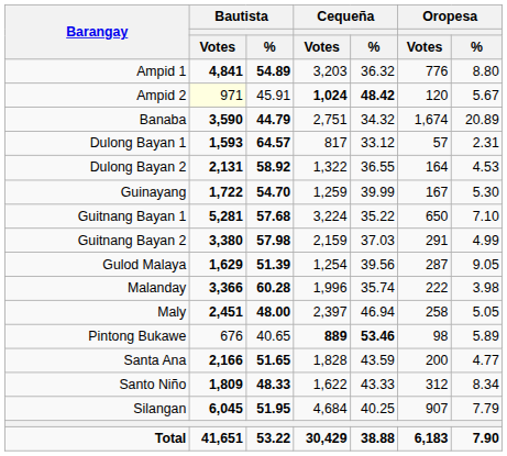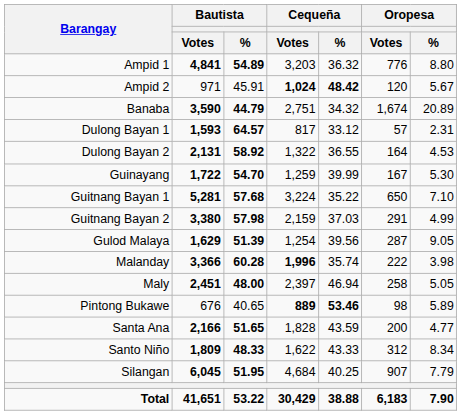 <table class="wikitable collapsed collapsible" style="text-align:right; font-size:95%; line-height:20px;">
 <tr>
 <th rowspan="3" width="200"><a href='#'>Barangay</a></th>
 <th colspan="2" width="110">Bautista</th>
 <th colspan="2" width="110">Cequeña</th>
 <th colspan="2" width="110">Oropesa</th>
 </tr>
 <tr>
 <th colspan="2" style="background:"></th>
 <th colspan="2" style="background:"></th>
 <th colspan="2" style="background:"></th>
 </tr>
 <tr>
 <th>Votes</th>
 <th>%</th>
 <th>Votes</th>
 <th>%</th>
 <th>Votes</th>
 <th>%</th>
 </tr>
 <tr>
 <td>Ampid 1</td>
 <td style="background-color:#"><strong>4,841</strong></td>
 <td style="background-color:#"><strong>54.89</strong></td>
 <td>3,203</td>
 <td>36.32</td>
 <td>776</td>
 <td>8.80</td>
 </tr>
 <tr>
 <td>Ampid 2</td>
-<td style="background: lightyellow;">971</td>
+<td>971</td>
 <td>45.91</td>
 <td style="background-color:#"><strong>1,024</strong></td>
 <td style="background-color:#"><strong>48.42</strong></td>
 <td>120</td>
 <td>5.67</td>
 </tr>
 <tr>
 <td>Banaba</td>
 <td style="background-color:#"><strong>3,590</strong></td>
 <td style="background-color:#"><strong>44.79</strong></td>
 <td>2,751</td>
 <td>34.32</td>
 <td>1,674</td>
 <td>20.89</td>
 </tr>
 <tr>
 <td>Dulong Bayan 1</td>
 <td style="background-color:#"><strong>1,593</strong></td>
 <td style="background-color:#"><strong>64.57</strong></td>
 <td>817</td>
 <td>33.12</td>
 <td>57</td>
 <td>2.31</td>
 </tr>
 <tr>
 <td>Dulong Bayan 2</td>
 <td style="background-color:#"><strong>2,131</strong></td>
 <td style="background-color:#"><strong>58.92</strong></td>
 <td>1,322</td>
 <td>36.55</td>
 <td>164</td>
 <td>4.53</td>
 </tr>
 <tr>
 <td>Guinayang</td>
 <td style="background-color:#"><strong>1,722</strong></td>
 <td style="background-color:#"><strong>54.70</strong></td>
 <td>1,259</td>
 <td>39.99</td>
 <td>167</td>
 <td>5.30</td>
 </tr>
 <tr>
 <td>Guitnang Bayan 1</td>
 <td style="background-color:#"><strong>5,281</strong></td>
 <td style="background-color:#"><strong>57.68</strong></td>
 <td>3,224</td>
 <td>35.22</td>
 <td>650</td>
 <td>7.10</td>
 </tr>
 <tr>
 <td>Guitnang Bayan 2</td>
 <td style="background-color:#"><strong>3,380</strong></td>
 <td style="background-color:#"><strong>57.98</strong></td>
 <td>2,159</td>
 <td>37.03</td>
 <td>291</td>
 <td>4.99</td>
 </tr>
 <tr>
 <td>Gulod Malaya</td>
 <td style="background-color:#"><strong>1,629</strong></td>
 <td style="background-color:#"><strong>51.39</strong></td>
 <td>1,254</td>
 <td>39.56</td>
 <td>287</td>
 <td>9.05</td>
 </tr>
 <tr>
 <td>Malanday</td>
 <td style="background-color:#"><strong>3,366</strong></td>
 <td style="background-color:#"><strong>60.28</strong></td>
-<td>1,996</td>
+<td><strong>1,996</strong></td>
 <td>35.74</td>
 <td>222</td>
 <td>3.98</td>
 </tr>
 <tr>
 <td>Maly</td>
 <td style="background-color:#"><strong>2,451</strong></td>
 <td style="background-color:#"><strong>48.00</strong></td>
 <td>2,397</td>
 <td>46.94</td>
 <td>258</td>
 <td>5.05</td>
 </tr>
 <tr>
 <td>Pintong Bukawe</td>
 <td>676</td>
 <td>40.65</td>
 <td style="background-color:#"><strong>889</strong></td>
 <td style="background-color:#"><strong>53.46</strong></td>
 <td>98</td>
 <td>5.89</td>
 </tr>
 <tr>
 <td>Santa Ana</td>
 <td style="background-color:#"><strong>2,166</strong></td>
 <td style="background-color:#"><strong>51.65</strong></td>
 <td>1,828</td>
 <td>43.59</td>
 <td>200</td>
 <td>4.77</td>
 </tr>
 <tr>
 <td>Santo Niño</td>
 <td style="background-color:#"><strong>1,809</strong></td>
 <td style="background-color:#"><strong>48.33</strong></td>
 <td>1,622</td>
 <td>43.33</td>
 <td>312</td>
 <td>8.34</td>
 </tr>
 <tr>
 <td>Silangan</td>
 <td style="background-color:#"><strong>6,045</strong></td>
 <td style="background-color:#"><strong>51.95</strong></td>
 <td>4,684</td>
 <td>40.25</td>
 <td>907</td>
 <td>7.79</td>
 </tr>
 <tr>
 <th colspan="7"></th>
 </tr>
 <tr>
 <td><strong>Total</strong></td>
 <td style="background-color:#"><strong>41,651</strong></td>
 <td style="background-color:#"><strong>53.22</strong></td>
 <td><strong>30,429</strong></td>
 <td><strong>38.88</strong></td>
 <td><strong>6,183</strong></td>
 <td><strong>7.90</strong></td>
 </tr>
 </table>
